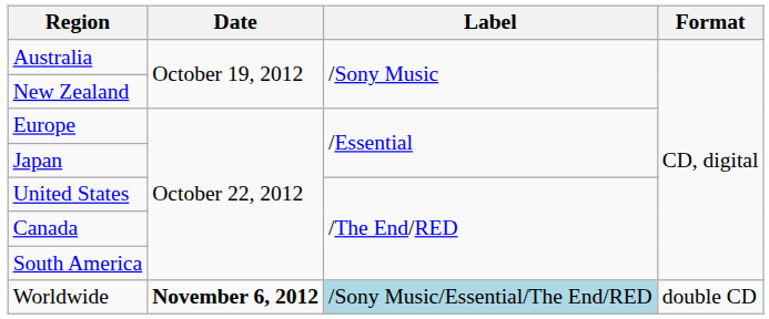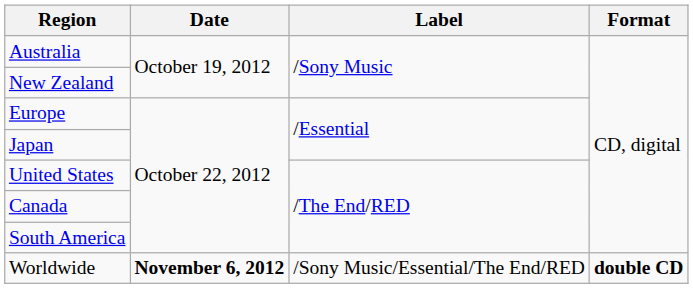 <table class="wikitable" style="float: right;">
 <tr>
 <th>Region</th>
 <th>Date</th>
 <th>Label</th>
 <th>Format</th>
 </tr>
 <tr>
 <td><a href='#'>Australia</a></td>
 <td rowspan="2">October 19, 2012</td>
 <td rowspan="2">/<a href='#'>Sony Music</a></td>
 <td rowspan="7">CD, digital</td>
 </tr>
 <tr>
 <td><a href='#'>New Zealand</a></td>
 </tr>
 <tr>
 <td><a href='#'>Europe</a></td>
 <td rowspan="5">October 22, 2012</td>
 <td rowspan="2">/<a href='#'>Essential</a></td>
 </tr>
 <tr>
 <td><a href='#'>Japan</a></td>
 </tr>
 <tr>
 <td><a href='#'>United States</a></td>
 <td rowspan="3">/<a href='#'>The End</a>/<a href='#'>RED</a></td>
 </tr>
 <tr>
 <td><a href='#'>Canada</a></td>
 </tr>
 <tr>
 <td><a href='#'>South America</a></td>
 </tr>
 <tr>
 <td>Worldwide</td>
 <td><strong>November 6, 2012</strong></td>
-<td style="background: lightblue;">/Sony Music/Essential/The End/RED</td>
-<td>double CD</td>
+<td>/Sony Music/Essential/The End/RED</td>
+<td><strong>double CD</strong></td>
 </tr>
 </table>
